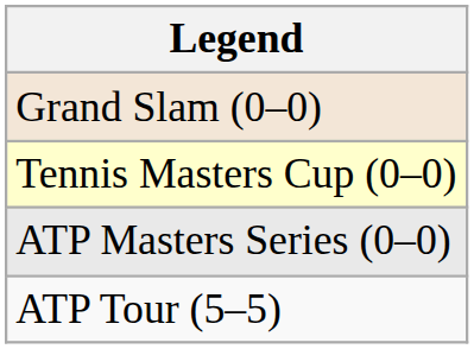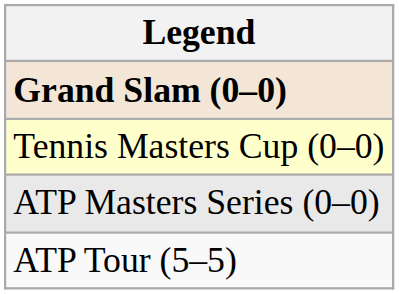 <table class="wikitable sortable mw-collapsible mw-collapsed">
 <tr>
 <th>Legend</th>
 </tr>
 <tr style="background:#f3e6d7;">
-<td>Grand Slam (0–0)</td>
+<td><strong>Grand Slam (0–0)</strong></td>
 </tr>
 <tr style="background:#ffffcc;">
 <td>Tennis Masters Cup (0–0)</td>
 </tr>
 <tr style="background:#e9e9e9;">
 <td>ATP Masters Series (0–0)</td>
 </tr>
 <tr>
 <td>ATP Tour (5–5)</td>
 </tr>
 </table>
